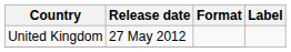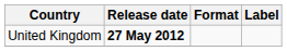 <table class="wikitable plainrowheaders">
 <tr>
 <th scope="col">Country</th>
 <th scope="col">Release date</th>
 <th scope="col">Format</th>
 <th scope="col">Label</th>
 </tr>
 <tr>
 <td>United Kingdom</td>
-<td>27 May 2012</td>
+<td><strong>27 May 2012</strong></td>
 <td></td>
 <td rowspan="2"></td>
 </tr>
 <tr>
 </tr>
 </table>
